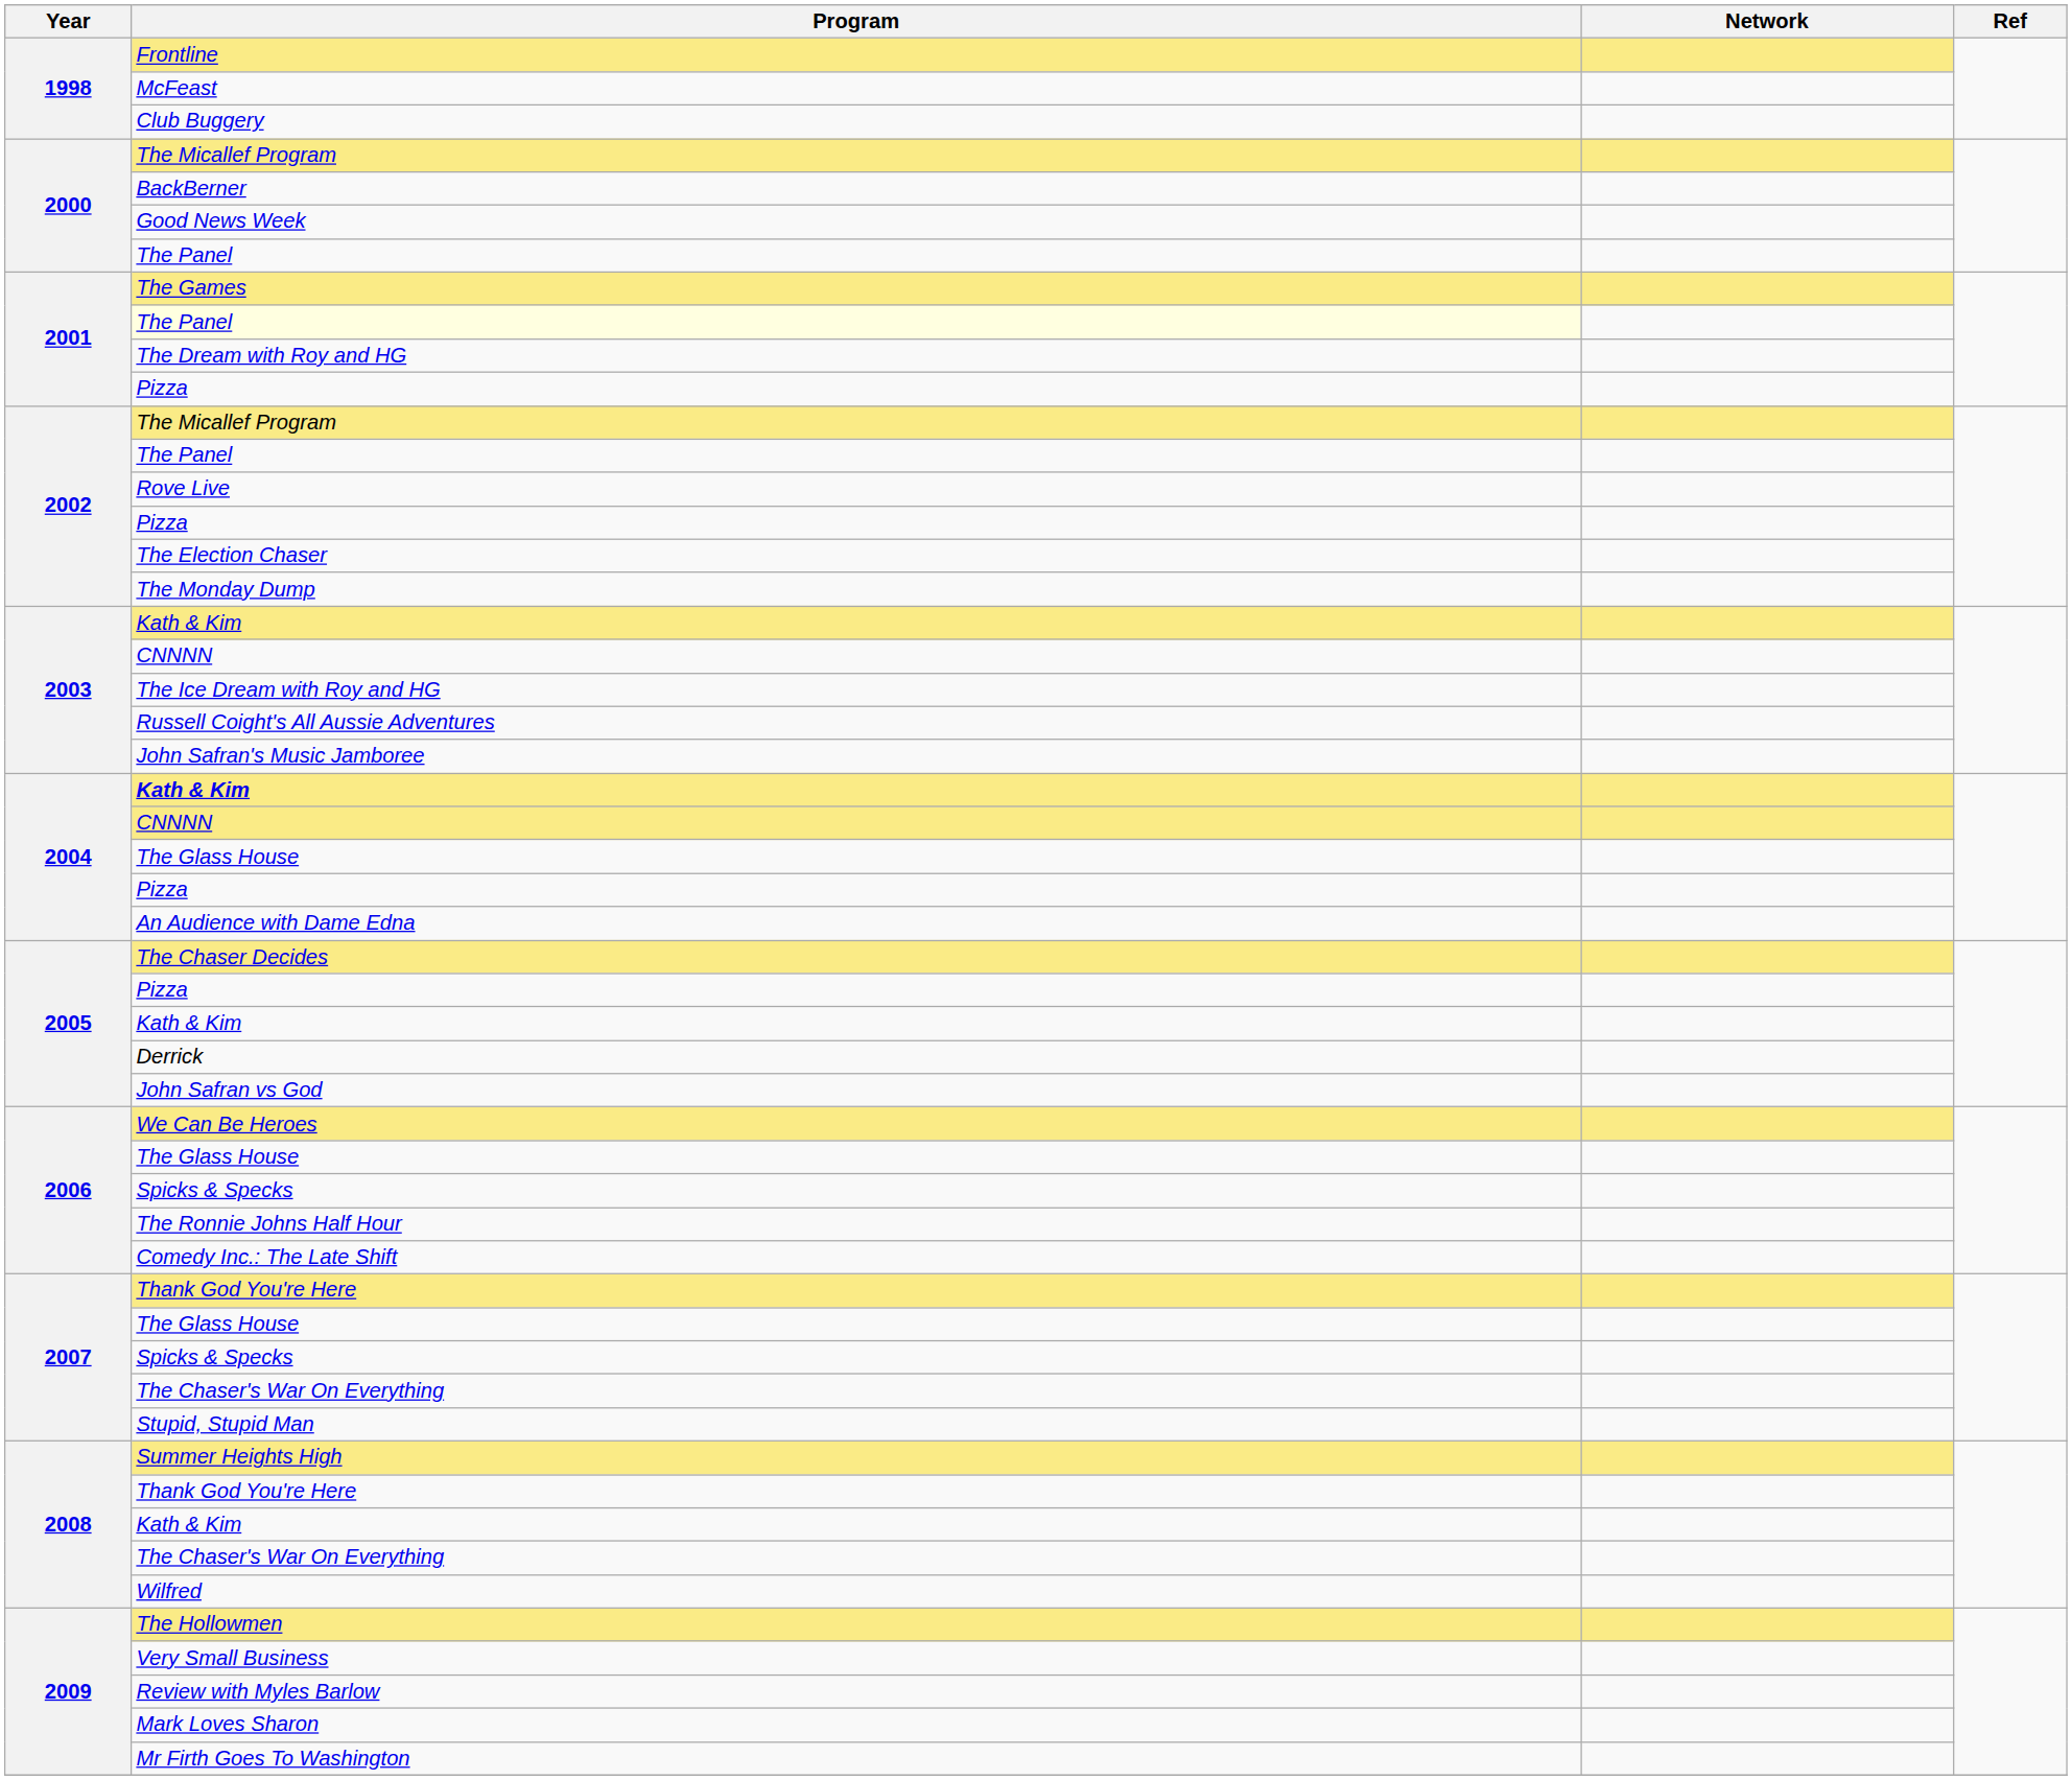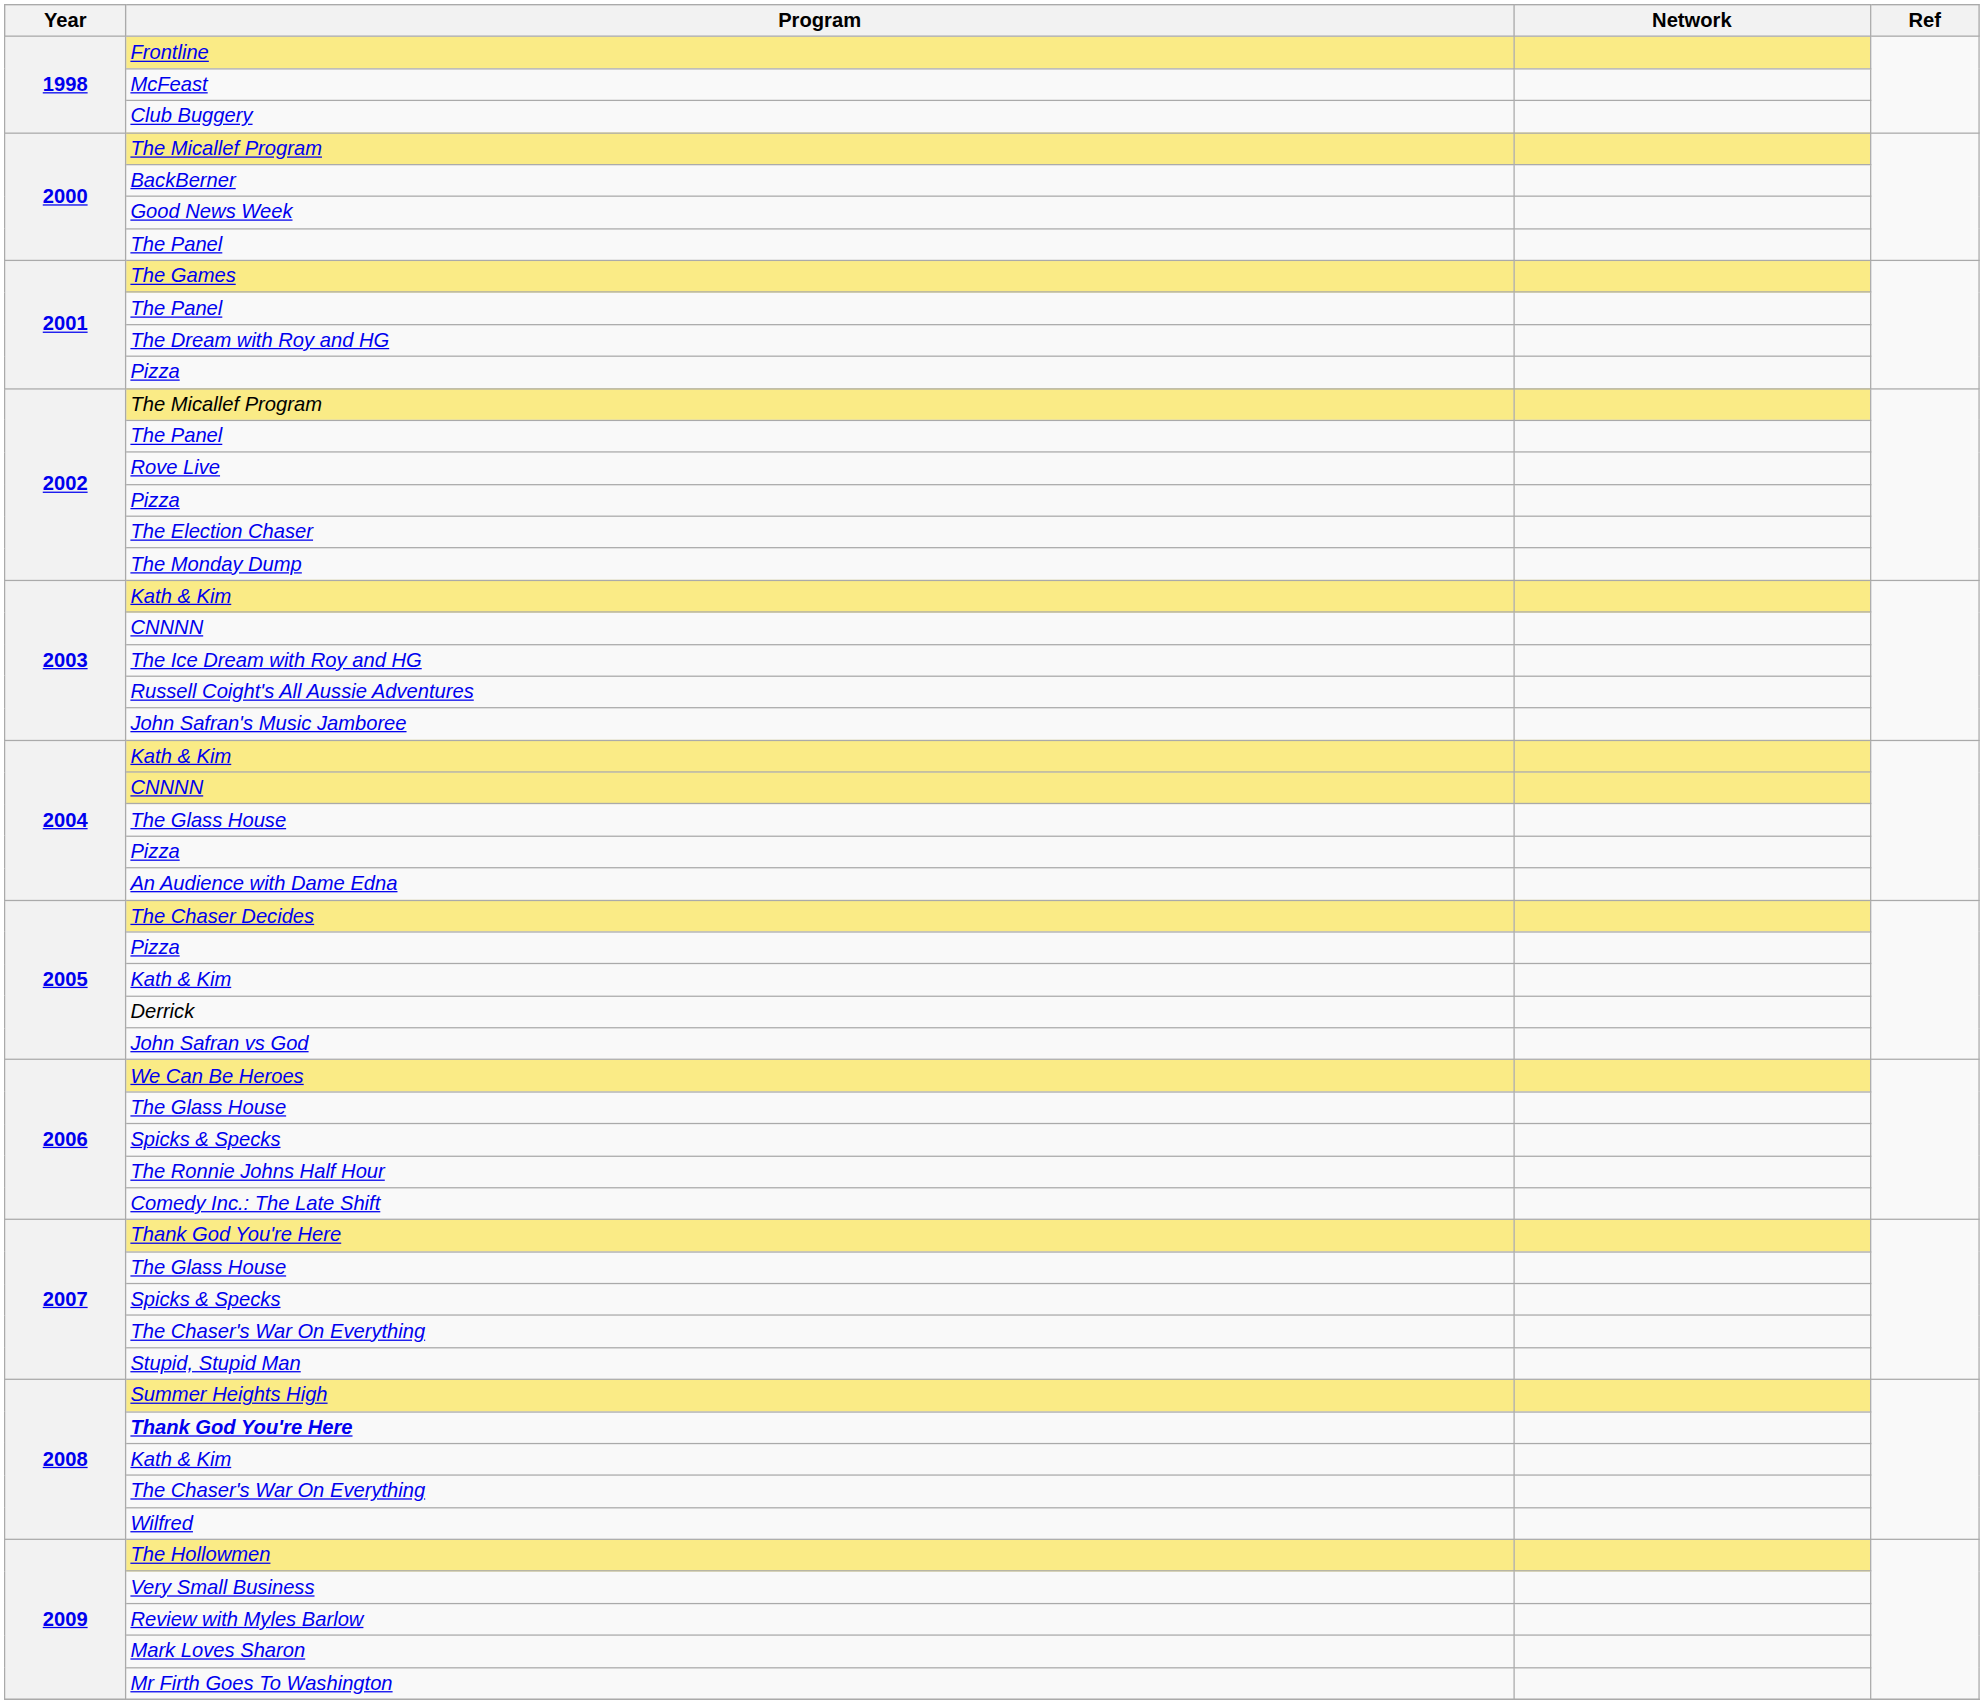 <table class="wikitable sortable">
 <tr style="background:#bebebe;">
 <th scope="col" style="width:1%;">Year</th>
 <th scope="col" style="width:16%;">Program</th>
 <th scope="col" style="width:4%;">Network</th>
 <th scope="col" style="width:1%;" class="unsortable">Ref</th>
 </tr>
 <tr>
 <th scope="row" rowspan="3" style="text-align:center"><a href='#'>1998</a></th>
 <td style="background:#FAEB86"><em><a href='#'>Frontline</a></em></td>
 <td style="background:#FAEB86"></td>
 <td rowspan="3"></td>
 </tr>
 <tr>
 <td><em><a href='#'>McFeast</a></em></td>
 <td></td>
 </tr>
 <tr>
 <td><em><a href='#'>Club Buggery</a></em></td>
 <td></td>
 </tr>
 <tr>
 <th scope="row" rowspan="4" style="text-align:center"><a href='#'>2000</a></th>
 <td style="background:#FAEB86"><em><a href='#'>The Micallef Program</a></em></td>
 <td style="background:#FAEB86"></td>
 <td rowspan="4"></td>
 </tr>
 <tr>
 <td><em><a href='#'>BackBerner</a></em></td>
 <td></td>
 </tr>
 <tr>
 <td><em><a href='#'>Good News Week</a></em></td>
 <td></td>
 </tr>
 <tr>
 <td><em><a href='#'>The Panel</a></em></td>
 <td></td>
 </tr>
 <tr>
 <th scope="row" rowspan="4" style="text-align:center"><a href='#'>2001</a></th>
 <td style="background:#FAEB86"><em><a href='#'>The Games</a></em></td>
 <td style="background:#FAEB86"></td>
 <td rowspan="4"></td>
 </tr>
 <tr>
-<td style="background: lightyellow;"><em><a href='#'>The Panel</a></em></td>
+<td><em><a href='#'>The Panel</a></em></td>
 <td></td>
 </tr>
 <tr>
 <td><em><a href='#'>The Dream with Roy and HG</a></em></td>
 <td></td>
 </tr>
 <tr>
 <td><em><a href='#'>Pizza</a></em></td>
 <td></td>
 </tr>
 <tr>
 <th scope="row" rowspan="6" style="text-align:center"><a href='#'>2002</a></th>
 <td style="background:#FAEB86"><em>The Micallef Program</em></td>
 <td style="background:#FAEB86"></td>
 <td rowspan="6"></td>
 </tr>
 <tr>
 <td><em><a href='#'>The Panel</a></em></td>
 <td></td>
 </tr>
 <tr>
 <td><em><a href='#'>Rove Live</a></em></td>
 <td></td>
 </tr>
 <tr>
 <td><em><a href='#'>Pizza</a></em></td>
 <td></td>
 </tr>
 <tr>
 <td><em><a href='#'>The Election Chaser</a></em></td>
 <td></td>
 </tr>
 <tr>
 <td><em><a href='#'>The Monday Dump</a></em></td>
 <td></td>
 </tr>
 <tr>
 <th scope="row" rowspan="5" style="text-align:center"><a href='#'>2003</a></th>
 <td style="background:#FAEB86"><em><a href='#'>Kath & Kim</a></em></td>
 <td style="background:#FAEB86"></td>
 <td rowspan="5"></td>
 </tr>
 <tr>
 <td><em><a href='#'>CNNNN</a></em></td>
 <td></td>
 </tr>
 <tr>
 <td><em><a href='#'>The Ice Dream with Roy and HG</a></em></td>
 <td></td>
 </tr>
 <tr>
 <td><em><a href='#'>Russell Coight's All Aussie Adventures</a></em></td>
 <td></td>
 </tr>
 <tr>
 <td><em><a href='#'>John Safran's Music Jamboree</a></em></td>
 <td></td>
 </tr>
 <tr>
 <th scope="row" rowspan="5" style="text-align:center"><a href='#'>2004</a></th>
-<td style="background:#FAEB86"><strong><em><a href='#'>Kath & Kim</a></em></strong></td>
+<td style="background:#FAEB86"><em><a href='#'>Kath & Kim</a></em></td>
 <td style="background:#FAEB86"></td>
 <td rowspan="5"></td>
 </tr>
 <tr>
 <td style="background:#FAEB86"><em><a href='#'>CNNNN</a></em></td>
 <td style="background:#FAEB86"></td>
 </tr>
 <tr>
 <td><em><a href='#'>The Glass House</a></em></td>
 <td></td>
 </tr>
 <tr>
 <td><em><a href='#'>Pizza</a></em></td>
 <td></td>
 </tr>
 <tr>
 <td><em><a href='#'>An Audience with Dame Edna</a></em></td>
 <td></td>
 </tr>
 <tr>
 <th scope="row" rowspan="5" style="text-align:center"><a href='#'>2005</a></th>
 <td style="background:#FAEB86"><em><a href='#'>The Chaser Decides</a></em></td>
 <td style="background:#FAEB86"></td>
 <td rowspan="5"></td>
 </tr>
 <tr>
 <td><em><a href='#'>Pizza</a></em></td>
 <td></td>
 </tr>
 <tr>
 <td><em><a href='#'>Kath & Kim</a></em></td>
 <td></td>
 </tr>
 <tr>
 <td><em>Derrick</em></td>
 <td></td>
 </tr>
 <tr>
 <td><em><a href='#'>John Safran vs God</a></em></td>
 <td></td>
 </tr>
 <tr>
 <th scope="row" rowspan="5" style="text-align:center"><a href='#'>2006</a></th>
 <td style="background:#FAEB86"><em><a href='#'>We Can Be Heroes</a></em></td>
 <td style="background:#FAEB86"></td>
 <td rowspan="5"></td>
 </tr>
 <tr>
 <td><em><a href='#'>The Glass House</a></em></td>
 <td></td>
 </tr>
 <tr>
 <td><em><a href='#'>Spicks & Specks</a></em></td>
 <td></td>
 </tr>
 <tr>
 <td><em><a href='#'>The Ronnie Johns Half Hour</a></em></td>
 <td></td>
 </tr>
 <tr>
 <td><em><a href='#'>Comedy Inc.: The Late Shift</a></em></td>
 <td></td>
 </tr>
 <tr>
 <th scope="row" rowspan="5" style="text-align:center"><a href='#'>2007</a></th>
 <td style="background:#FAEB86"><em><a href='#'>Thank God You're Here</a></em></td>
 <td style="background:#FAEB86"></td>
 <td rowspan="5"></td>
 </tr>
 <tr>
 <td><em><a href='#'>The Glass House</a></em></td>
 <td></td>
 </tr>
 <tr>
 <td><em><a href='#'>Spicks & Specks</a></em></td>
 <td></td>
 </tr>
 <tr>
 <td><em><a href='#'>The Chaser's War On Everything</a></em></td>
 <td></td>
 </tr>
 <tr>
 <td><em><a href='#'>Stupid, Stupid Man</a></em></td>
 <td></td>
 </tr>
 <tr>
 <th scope="row" rowspan="5" style="text-align:center"><a href='#'>2008</a></th>
 <td style="background:#FAEB86"><em><a href='#'>Summer Heights High</a></em></td>
 <td style="background:#FAEB86"></td>
 <td rowspan="5"></td>
 </tr>
 <tr>
-<td><em><a href='#'>Thank God You're Here</a></em></td>
+<td><strong><em><a href='#'>Thank God You're Here</a></em></strong></td>
 <td></td>
 </tr>
 <tr>
 <td><em><a href='#'>Kath & Kim</a></em></td>
 <td></td>
 </tr>
 <tr>
 <td><em><a href='#'>The Chaser's War On Everything</a></em></td>
 <td></td>
 </tr>
 <tr>
 <td><em><a href='#'>Wilfred</a></em></td>
 <td></td>
 </tr>
 <tr>
 <th scope="row" rowspan="5" style="text-align:center"><a href='#'>2009</a></th>
 <td style="background:#FAEB86"><em><a href='#'>The Hollowmen</a></em></td>
 <td style="background:#FAEB86"></td>
 <td rowspan="5"></td>
 </tr>
 <tr>
 <td><em><a href='#'>Very Small Business</a></em></td>
 <td></td>
 </tr>
 <tr>
 <td><em><a href='#'>Review with Myles Barlow</a></em></td>
 <td></td>
 </tr>
 <tr>
 <td><em><a href='#'>Mark Loves Sharon</a></em></td>
 <td></td>
 </tr>
 <tr>
 <td><em><a href='#'>Mr Firth Goes To Washington</a></em></td>
 <td></td>
 </tr>
 <tr>
 </tr>
 </table>
